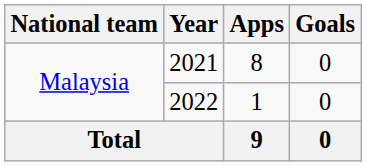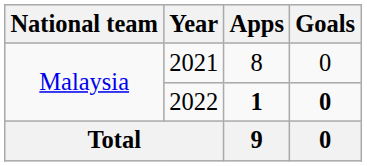 <table class="wikitable" style="text-align:center">
 <tr>
 <th>National team</th>
 <th>Year</th>
 <th>Apps</th>
 <th>Goals</th>
 </tr>
 <tr>
 <td rowspan=2><a href='#'>Malaysia</a></td>
 <td>2021</td>
 <td>8</td>
 <td>0</td>
 </tr>
 <tr>
 <td>2022</td>
-<td>1</td>
-<td>0</td>
+<td><strong>1</strong></td>
+<td><strong>0</strong></td>
 </tr>
 <tr>
 <th colspan=2>Total</th>
 <th>9</th>
 <th>0</th>
 </tr>
 </table>
